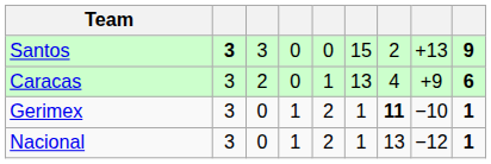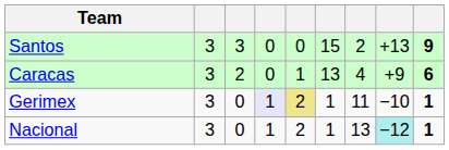 <table class="wikitable" style="text-align: center;">
 <tr>
 <th width=165>Team</th>
 <th width=20></th>
 <th width=20></th>
 <th width=20></th>
 <th width=20></th>
 <th width=20></th>
 <th width=20></th>
 <th width=20></th>
 <th width=20></th>
 </tr>
 <tr style="background:#cfc;">
 <td align=left> <a href='#'>Santos</a></td>
-<td><strong>3</strong></td>
+<td>3</td>
 <td>3</td>
 <td>0</td>
 <td>0</td>
 <td>15</td>
 <td>2</td>
 <td>+13</td>
 <td><strong>9</strong></td>
 </tr>
 <tr style="background:#cfc;">
 <td align=left> <a href='#'>Caracas</a></td>
 <td>3</td>
 <td>2</td>
 <td>0</td>
 <td>1</td>
 <td>13</td>
 <td>4</td>
 <td>+9</td>
 <td><strong>6</strong></td>
 </tr>
 <tr>
 <td align=left> <a href='#'>Gerimex</a></td>
 <td>3</td>
 <td>0</td>
+<td style="background: lavender;">1</td>
+<td style="background: khaki;">2</td>
 <td>1</td>
-<td>2</td>
-<td>1</td>
-<td><strong>11</strong></td>
+<td>11</td>
 <td>−10</td>
 <td><strong>1</strong></td>
 </tr>
 <tr>
 <td align=left> <a href='#'>Nacional</a></td>
 <td>3</td>
 <td>0</td>
 <td>1</td>
 <td>2</td>
 <td>1</td>
 <td>13</td>
-<td>−12</td>
+<td style="background: paleturquoise;">−12</td>
 <td><strong>1</strong></td>
 </tr>
 </table>
